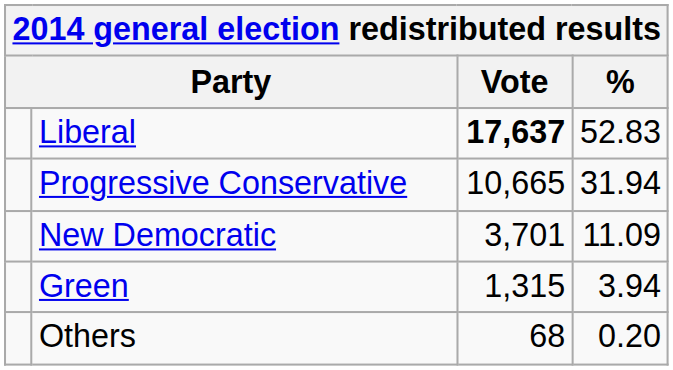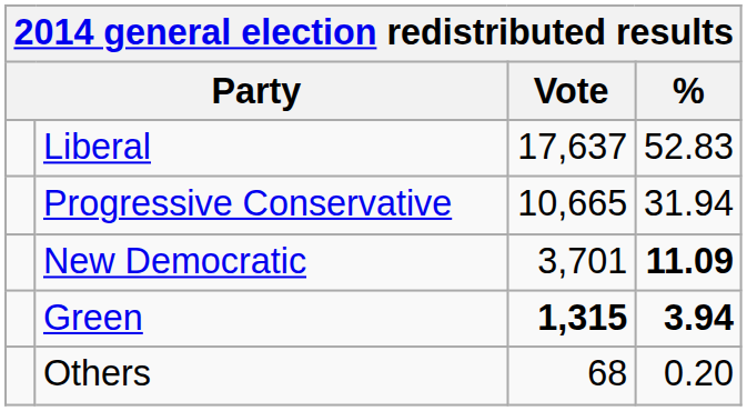 <table class="wikitable">
 <tr>
 <th colspan="4"><a href='#'>2014 general election</a> redistributed results</th>
 </tr>
 <tr>
 <th bgcolor="#DDDDFF" width="130px" colspan="2">Party</th>
 <th bgcolor="#DDDDFF" width="50px">Vote</th>
 <th bgcolor="#DDDDFF" width="30px">%</th>
 </tr>
 <tr>
 <td> </td>
 <td><a href='#'>Liberal</a></td>
-<td align=right><strong>17,637</strong></td>
+<td align=right>17,637</td>
 <td align=right>52.83</td>
 </tr>
 <tr>
 <td> </td>
 <td><a href='#'>Progressive Conservative</a></td>
 <td align=right>10,665</td>
 <td align=right>31.94</td>
 </tr>
 <tr>
 <td> </td>
 <td><a href='#'>New Democratic</a></td>
 <td align=right>3,701</td>
-<td align=right>11.09</td>
+<td align=right><strong>11.09</strong></td>
 </tr>
 <tr>
 <td> </td>
 <td><a href='#'>Green</a></td>
-<td align=right>1,315</td>
-<td align=right>3.94</td>
+<td align=right><strong>1,315</strong></td>
+<td align=right><strong>3.94</strong></td>
 </tr>
 <tr>
 <td> </td>
 <td>Others</td>
 <td align=right>68</td>
 <td align=right>0.20</td>
 </tr>
 </table>
